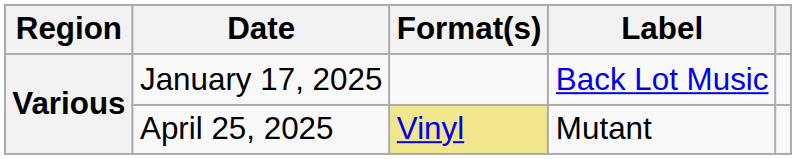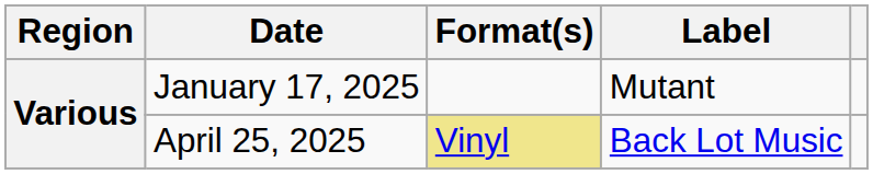 <table class="wikitable plainrowheaders">
 <tr>
 <th scope="col">Region</th>
 <th scope="col">Date</th>
 <th scope="col">Format(s)</th>
 <th scope="col">Label</th>
 <th scope="col"></th>
 </tr>
 <tr>
 <th rowspan="2" scope="row">Various</th>
 <td>January 17, 2025</td>
 <td></td>
-<td><a href='#'>Back Lot Music</a></td>
+<td>Mutant</td>
 <td align="center"></td>
 </tr>
 <tr>
 <td>April 25, 2025</td>
 <td style="background: khaki;"><a href='#'>Vinyl</a></td>
-<td>Mutant</td>
+<td><a href='#'>Back Lot Music</a></td>
 <td align="center"></td>
 </tr>
 </table>
